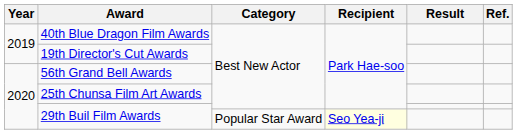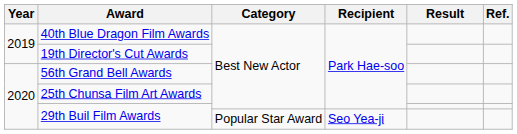 <table class="wikitable">
 <tr>
 <th>Year</th>
 <th>Award</th>
 <th>Category</th>
 <th>Recipient</th>
 <th width="90">Result</th>
 <th width="30">Ref.</th>
 </tr>
 <tr>
 <td rowspan=2>2019</td>
 <td><a href='#'>40th Blue Dragon Film Awards</a></td>
 <td rowspan=5>Best New Actor</td>
 <td rowspan=5><a href='#'>Park Hae-soo</a></td>
 <td></td>
 <td></td>
 </tr>
 <tr>
 <td><a href='#'>19th Director's Cut Awards</a></td>
 <td></td>
 <td></td>
 </tr>
 <tr>
 <td rowspan=4>2020</td>
 <td><a href='#'>56th Grand Bell Awards</a></td>
 <td></td>
 <td style="text-align:center;"></td>
 </tr>
 <tr>
 <td><a href='#'>25th Chunsa Film Art Awards</a></td>
 <td></td>
 <td style="text-align:center;"></td>
 </tr>
 <tr>
 <td rowspan=2><a href='#'>29th Buil Film Awards</a></td>
 <td></td>
 <td></td>
 </tr>
 <tr>
 <td>Popular Star Award</td>
-<td style="background: lightyellow;"><a href='#'>Seo Yea-ji</a></td>
+<td><a href='#'>Seo Yea-ji</a></td>
 <td></td>
 <td style="text-align:center;"></td>
 </tr>
 </table>
